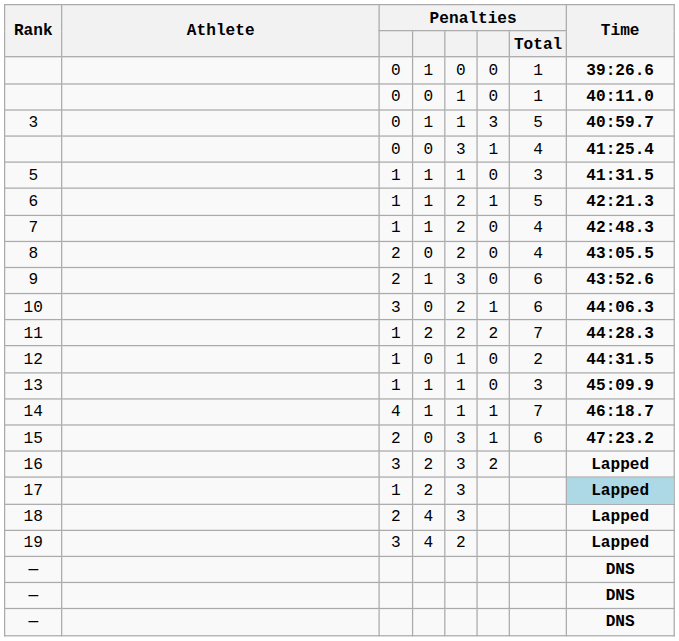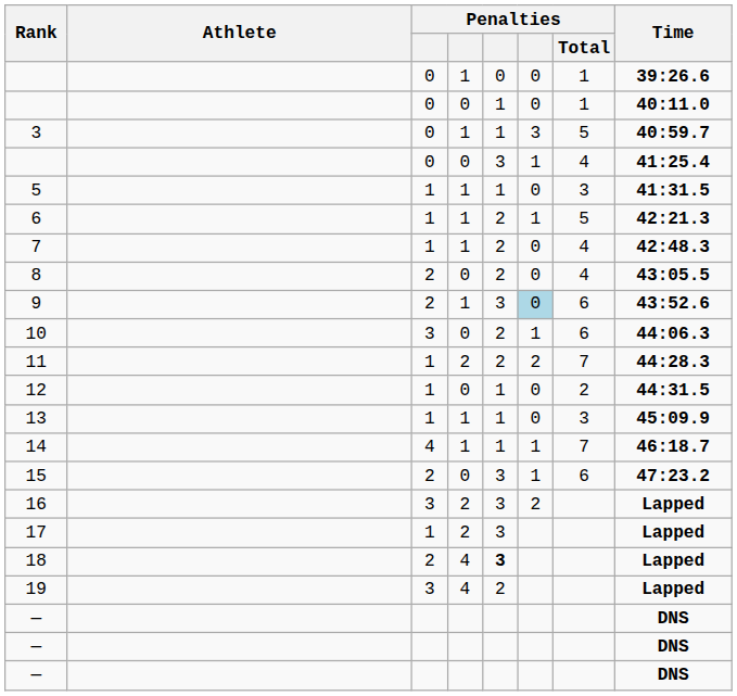 <table class=wikitable style="text-align:center">
 <tr>
 <th rowspan=2 width=40>Rank</th>
 <th rowspan=2 width=250>Athlete</th>
 <th colspan=5>Penalties</th>
 <th rowspan=2 width=80>Time</th>
 </tr>
 <tr>
 <th width=20></th>
 <th width=20></th>
 <th width=20></th>
 <th width=20></th>
 <th width=40>Total</th>
 </tr>
 <tr>
 <td></td>
 <td align=left></td>
 <td>0</td>
 <td>1</td>
 <td>0</td>
 <td>0</td>
 <td>1</td>
 <td><strong>39:26.6</strong></td>
 </tr>
 <tr>
 <td></td>
 <td align=left></td>
 <td>0</td>
 <td>0</td>
 <td>1</td>
 <td>0</td>
 <td>1</td>
 <td><strong>40:11.0</strong></td>
 </tr>
 <tr>
 <td>3</td>
 <td align=left></td>
 <td>0</td>
 <td>1</td>
 <td>1</td>
 <td>3</td>
 <td>5</td>
 <td><strong>40:59.7</strong></td>
 </tr>
 <tr>
 <td></td>
 <td align=left></td>
 <td>0</td>
 <td>0</td>
 <td>3</td>
 <td>1</td>
 <td>4</td>
 <td><strong>41:25.4</strong></td>
 </tr>
 <tr>
 <td>5</td>
 <td align=left></td>
 <td>1</td>
 <td>1</td>
 <td>1</td>
 <td>0</td>
 <td>3</td>
 <td><strong>41:31.5</strong></td>
 </tr>
 <tr>
 <td>6</td>
 <td align=left></td>
 <td>1</td>
 <td>1</td>
 <td>2</td>
 <td>1</td>
 <td>5</td>
 <td><strong>42:21.3</strong></td>
 </tr>
 <tr>
 <td>7</td>
 <td align=left></td>
 <td>1</td>
 <td>1</td>
 <td>2</td>
 <td>0</td>
 <td>4</td>
 <td><strong>42:48.3</strong></td>
 </tr>
 <tr>
 <td>8</td>
 <td align=left></td>
 <td>2</td>
 <td>0</td>
 <td>2</td>
 <td>0</td>
 <td>4</td>
 <td><strong>43:05.5</strong></td>
 </tr>
 <tr>
 <td>9</td>
 <td align=left></td>
 <td>2</td>
 <td>1</td>
 <td>3</td>
-<td>0</td>
+<td style="background: lightblue;">0</td>
 <td>6</td>
 <td><strong>43:52.6</strong></td>
 </tr>
 <tr>
 <td>10</td>
 <td align=left></td>
 <td>3</td>
 <td>0</td>
 <td>2</td>
 <td>1</td>
 <td>6</td>
 <td><strong>44:06.3</strong></td>
 </tr>
 <tr>
 <td>11</td>
 <td align=left></td>
 <td>1</td>
 <td>2</td>
 <td>2</td>
 <td>2</td>
 <td>7</td>
 <td><strong>44:28.3</strong></td>
 </tr>
 <tr>
 <td>12</td>
 <td align=left></td>
 <td>1</td>
 <td>0</td>
 <td>1</td>
 <td>0</td>
 <td>2</td>
 <td><strong>44:31.5</strong></td>
 </tr>
 <tr>
 <td>13</td>
 <td align=left></td>
 <td>1</td>
 <td>1</td>
 <td>1</td>
 <td>0</td>
 <td>3</td>
 <td><strong>45:09.9</strong></td>
 </tr>
 <tr>
 <td>14</td>
 <td align=left></td>
 <td>4</td>
 <td>1</td>
 <td>1</td>
 <td>1</td>
 <td>7</td>
 <td><strong>46:18.7</strong></td>
 </tr>
 <tr>
 <td>15</td>
 <td align=left></td>
 <td>2</td>
 <td>0</td>
 <td>3</td>
 <td>1</td>
 <td>6</td>
 <td><strong>47:23.2</strong></td>
 </tr>
 <tr>
 <td>16</td>
 <td align=left></td>
 <td>3</td>
 <td>2</td>
 <td>3</td>
 <td>2</td>
 <td></td>
 <td><strong>Lapped</strong></td>
 </tr>
 <tr>
 <td>17</td>
 <td align=left></td>
 <td>1</td>
 <td>2</td>
 <td>3</td>
 <td></td>
 <td></td>
-<td style="background: lightblue;"><strong>Lapped</strong></td>
+<td><strong>Lapped</strong></td>
 </tr>
 <tr>
 <td>18</td>
 <td align=left></td>
 <td>2</td>
 <td>4</td>
-<td>3</td>
+<td><strong>3</strong></td>
 <td></td>
 <td></td>
 <td><strong>Lapped</strong></td>
 </tr>
 <tr>
 <td>19</td>
 <td align=left></td>
 <td>3</td>
 <td>4</td>
 <td>2</td>
 <td></td>
 <td></td>
 <td><strong>Lapped</strong></td>
 </tr>
 <tr>
 <td>—</td>
 <td align=left></td>
 <td></td>
 <td></td>
 <td></td>
 <td></td>
 <td></td>
 <td><strong>DNS</strong></td>
 </tr>
 <tr>
 <td>—</td>
 <td align=left></td>
 <td></td>
 <td></td>
 <td></td>
 <td></td>
 <td></td>
 <td><strong>DNS</strong></td>
 </tr>
 <tr>
 <td>—</td>
 <td align=left></td>
 <td></td>
 <td></td>
 <td></td>
 <td></td>
 <td></td>
 <td><strong>DNS</strong></td>
 </tr>
 </table>
